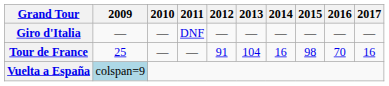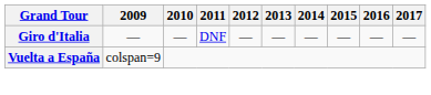 <table class="wikitable plainrowheaders">
 <tr>
 <th scope="col"><a href='#'>Grand Tour</a></th>
 <th scope="col">2009</th>
 <th scope="col">2010</th>
 <th scope="col">2011</th>
 <th scope="col">2012</th>
 <th scope="col">2013</th>
 <th scope="col">2014</th>
 <th scope="col">2015</th>
 <th scope="col">2016</th>
 <th scope="col">2017</th>
 </tr>
 <tr style="text-align:center;">
 <th scope="row"> <a href='#'>Giro d'Italia</a></th>
 <td>—</td>
 <td>—</td>
 <td><a href='#'>DNF</a></td>
 <td>—</td>
 <td>—</td>
 <td>—</td>
 <td>—</td>
 <td>—</td>
 <td>—</td>
 </tr>
 <tr style="text-align:center;">
-<th scope="row"> <a href='#'>Tour de France</a></th>
-<td><a href='#'>25</a></td>
-<td>—</td>
-<td>—</td>
-<td><a href='#'>91</a></td>
-<td><a href='#'>104</a></td>
-<td><a href='#'>16</a></td>
-<td><a href='#'>98</a></td>
-<td><a href='#'>70</a></td>
-<td><a href='#'>16</a></td>
-</tr>
-<tr style="text-align:center;">
 <th scope="row"> <a href='#'>Vuelta a España</a></th>
-<td style="background: lightblue;">colspan=9 </td>
+<td>colspan=9 </td>
 </tr>
 </table>
